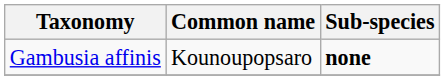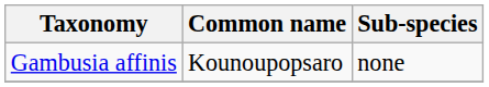 <table class="wikitable">
 <tr>
 <th>Taxonomy</th>
 <th>Common name</th>
 <th>Sub-species</th>
 </tr>
 <tr>
 <td><a href='#'>Gambusia affinis</a></td>
 <td>Kounoupopsaro</td>
-<td><strong>none</strong></td>
+<td>none</td>
 </tr>
 <tr>
 </tr>
 </table>
